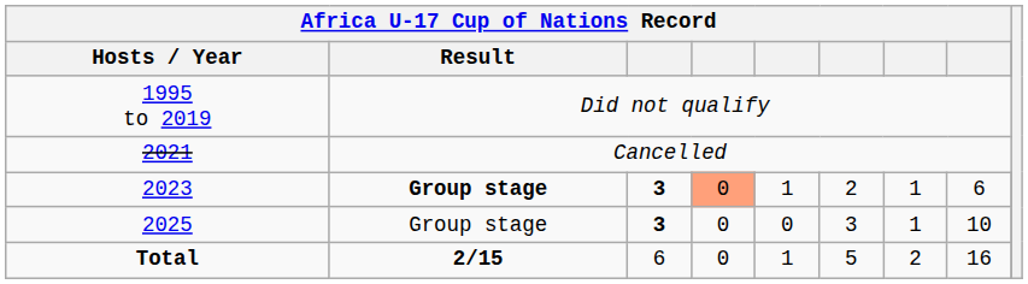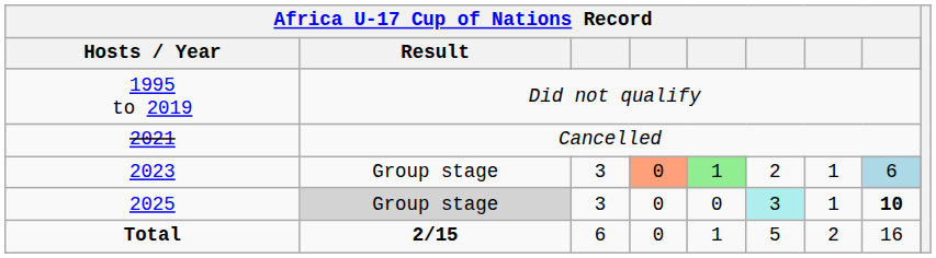 <table class="wikitable" style="text-align: center;font-size:90%;">
 <tr>
 <th colspan=9><a href='#'>Africa U-17 Cup of Nations</a> Record</th>
 <th width=1% rowspan=50></th>
 </tr>
 <tr>
 <th>Hosts / Year</th>
 <th>Result</th>
 <th width=30></th>
 <th width=30></th>
 <th width=30></th>
 <th width=30></th>
 <th width=30></th>
 <th width=30></th>
 </tr>
 <tr>
 <td> <a href='#'>1995</a><br>to <a href='#'>2019</a></td>
 <td colspan=13><em>Did not qualify</em></td>
 </tr>
 <tr>
 <td> <s><a href='#'>2021</a></s></td>
 <td colspan=8><em>Cancelled</em></td>
 </tr>
 <tr>
 <td> <a href='#'>2023</a></td>
-<td><strong>Group stage</strong></td>
-<td><strong>3</strong></td>
+<td>Group stage</td>
+<td>3</td>
 <td style="background: lightsalmon;">0</td>
-<td>1</td>
+<td style="background: lightgreen;">1</td>
 <td>2</td>
 <td>1</td>
-<td>6</td>
+<td style="background: lightblue;">6</td>
 </tr>
 <tr>
 <td> <a href='#'>2025</a></td>
-<td>Group stage</td>
-<td><strong>3</strong></td>
+<td style="background: lightgrey;">Group stage</td>
+<td>3</td>
 <td>0</td>
 <td>0</td>
-<td>3</td>
+<td style="background: paleturquoise;">3</td>
 <td>1</td>
-<td>10</td>
+<td><strong>10</strong></td>
 </tr>
 <tr>
 <td><strong>Total</strong></td>
 <td><strong>2/15</strong></td>
 <td>6</td>
 <td>0</td>
 <td>1</td>
 <td>5</td>
 <td>2</td>
 <td>16</td>
 </tr>
 </table>
